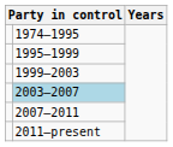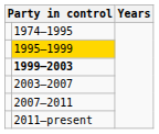 <table class="wikitable">
 <tr>
 <th colspan=2>Party in control</th>
 <th>Years</th>
 </tr>
 <tr>
 <td></td>
 <td>1974–1995</td>
 </tr>
 <tr>
 <td></td>
-<td>1995–1999</td>
+<td style="background: gold;">1995–1999</td>
 </tr>
 <tr>
 <td></td>
-<td>1999–2003</td>
+<td><strong>1999–2003</strong></td>
 </tr>
 <tr>
 <td></td>
-<td style="background: lightblue;">2003–2007</td>
+<td>2003–2007</td>
 </tr>
 <tr>
 <td></td>
 <td>2007–2011</td>
 </tr>
 <tr>
 <td></td>
 <td>2011–present</td>
 </tr>
 </table>
